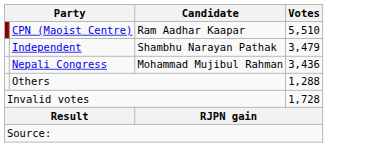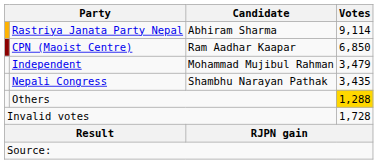 <table class="wikitable">
 <tr>
 <th colspan="2">Party</th>
 <th>Candidate</th>
 <th>Votes</th>
 </tr>
 <tr>
+<td style="background-color:#ffb300"></td>
+<td><a href='#'>Rastriya Janata Party Nepal</a></td>
+<td>Abhiram Sharma</td>
+<td>9,114</td>
+</tr>
+<tr>
 <td style="background-color:darkred"></td>
 <td><a href='#'>CPN (Maoist Centre)</a></td>
 <td>Ram Aadhar Kaapar</td>
-<td>5,510</td>
+<td>6,850</td>
 </tr>
 <tr>
 <td style="background-color:"></td>
 <td><a href='#'>Independent</a></td>
-<td>Shambhu Narayan Pathak</td>
+<td>Mohammad Mujibul Rahman</td>
 <td>3,479</td>
 </tr>
 <tr>
 <td style="background-color:"></td>
 <td><a href='#'>Nepali Congress</a></td>
-<td>Mohammad Mujibul Rahman</td>
-<td>3,436</td>
+<td>Shambhu Narayan Pathak</td>
+<td>3,435</td>
 </tr>
 <tr>
 <td></td>
 <td colspan="2">Others</td>
-<td>1,288</td>
+<td style="background: gold;">1,288</td>
 </tr>
 <tr>
 <td colspan="3">Invalid votes</td>
 <td>1,728</td>
 </tr>
 <tr>
 <th colspan="2">Result</th>
 <th colspan="2">RJPN gain</th>
 </tr>
 <tr>
 <td colspan="4">Source: </td>
 </tr>
 </table>
